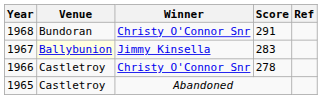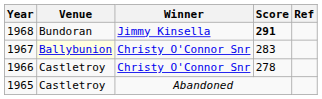 <table class="wikitable">
 <tr>
 <th>Year</th>
 <th>Venue</th>
 <th>Winner</th>
 <th>Score</th>
 <th>Ref</th>
 </tr>
 <tr>
 <td>1968</td>
 <td>Bundoran</td>
-<td> <a href='#'>Christy O'Connor Snr</a></td>
-<td>291</td>
+<td> <a href='#'>Jimmy Kinsella</a></td>
+<td><strong>291</strong></td>
 <td></td>
 </tr>
 <tr>
 <td>1967</td>
 <td style="background: lightyellow;"><a href='#'>Ballybunion</a></td>
-<td> <a href='#'>Jimmy Kinsella</a></td>
+<td> <a href='#'>Christy O'Connor Snr</a></td>
 <td>283</td>
 <td></td>
 </tr>
 <tr>
 <td>1966</td>
 <td>Castletroy</td>
 <td> <a href='#'>Christy O'Connor Snr</a></td>
 <td>278</td>
 <td></td>
 </tr>
 <tr>
 <td>1965</td>
 <td>Castletroy</td>
 <td colspan=2 align=center><em>Abandoned</em></td>
 <td></td>
 </tr>
 </table>
